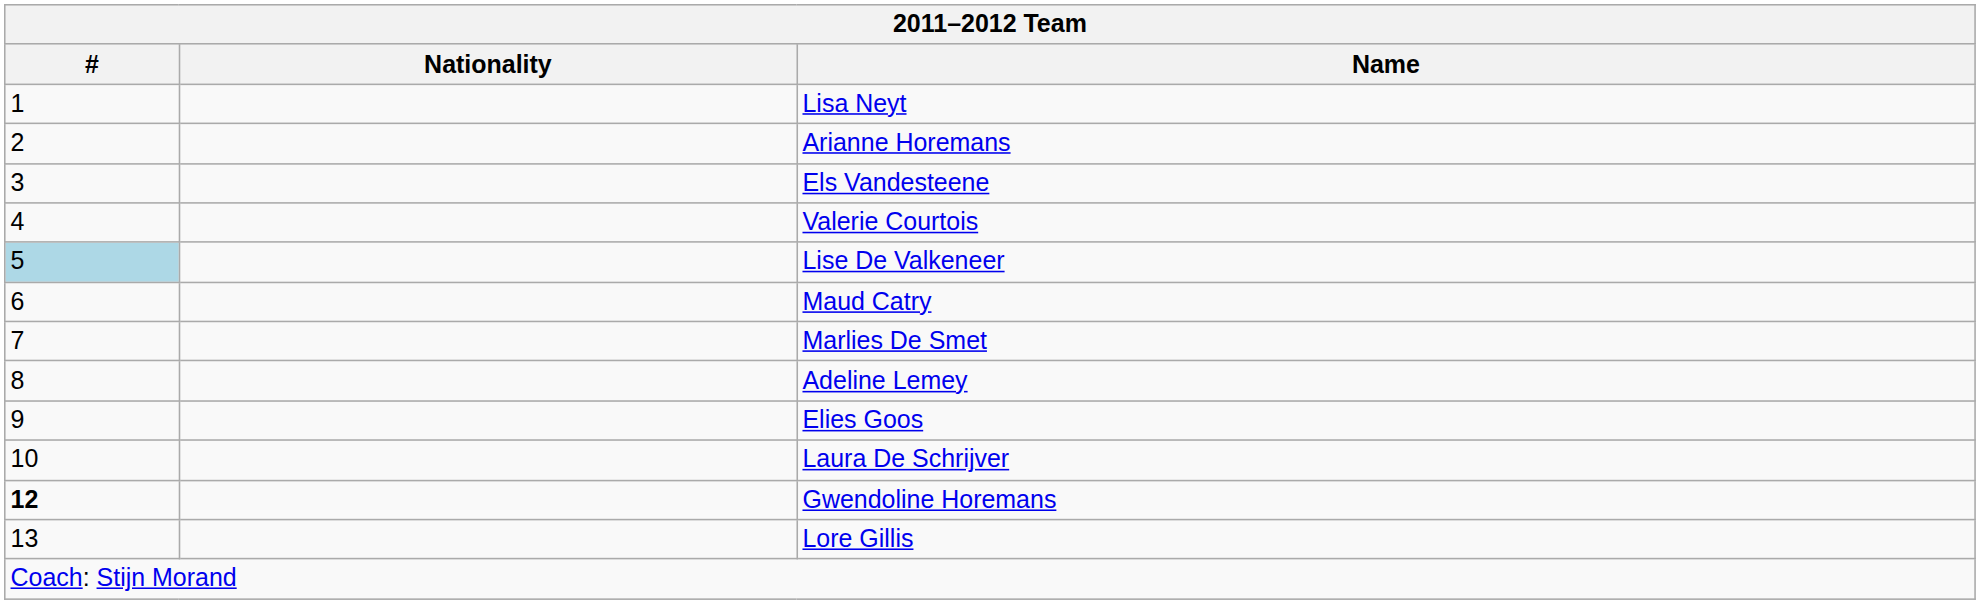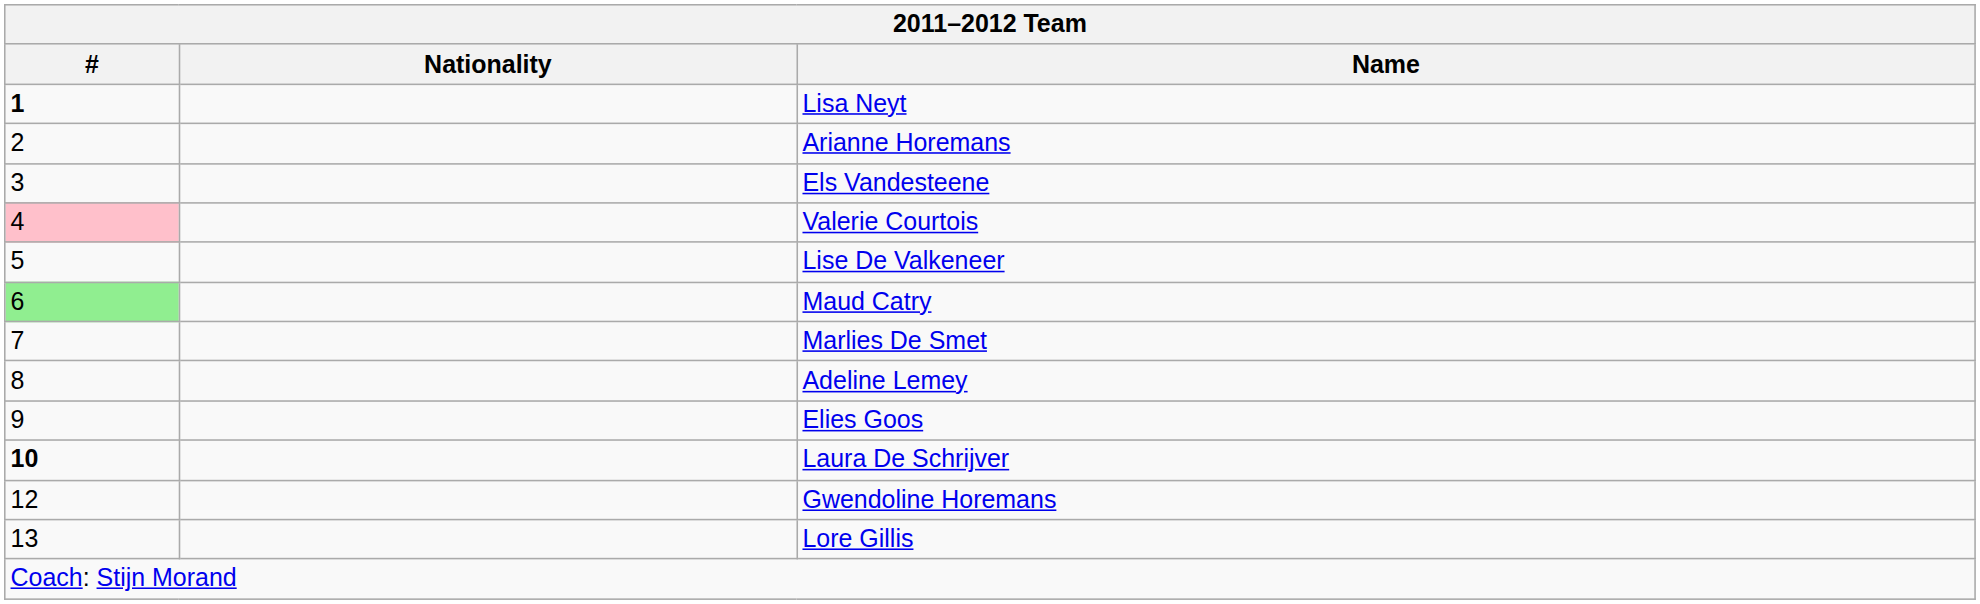 <table class="wikitable collapsible collapsed" style="width:100%;">
 <tr>
 <th colspan=3><strong>2011–2012 Team</strong></th>
 </tr>
 <tr>
 <th>#</th>
 <th>Nationality</th>
 <th>Name</th>
 </tr>
 <tr>
-<td>1</td>
+<td><strong>1</strong></td>
 <td></td>
 <td><a href='#'>Lisa Neyt</a></td>
 </tr>
 <tr>
 <td>2</td>
 <td></td>
 <td><a href='#'>Arianne Horemans</a></td>
 </tr>
 <tr>
 <td>3</td>
 <td></td>
 <td><a href='#'>Els Vandesteene</a></td>
 </tr>
 <tr>
-<td>4</td>
+<td style="background: pink;">4</td>
 <td></td>
 <td><a href='#'>Valerie Courtois</a></td>
 </tr>
 <tr>
-<td style="background: lightblue;">5</td>
+<td>5</td>
 <td></td>
 <td><a href='#'>Lise De Valkeneer</a></td>
 </tr>
 <tr>
-<td>6</td>
+<td style="background: lightgreen;">6</td>
 <td></td>
 <td><a href='#'>Maud Catry</a></td>
 </tr>
 <tr>
 <td>7</td>
 <td></td>
 <td><a href='#'>Marlies De Smet</a></td>
 </tr>
 <tr>
 <td>8</td>
 <td></td>
 <td><a href='#'>Adeline Lemey</a></td>
 </tr>
 <tr>
 <td>9</td>
 <td></td>
 <td><a href='#'>Elies Goos</a></td>
 </tr>
 <tr>
-<td>10</td>
+<td><strong>10</strong></td>
 <td></td>
 <td><a href='#'>Laura De Schrijver</a></td>
 </tr>
 <tr>
-<td><strong>12</strong></td>
+<td>12</td>
 <td></td>
 <td><a href='#'>Gwendoline Horemans</a></td>
 </tr>
 <tr>
 <td>13</td>
 <td></td>
 <td><a href='#'>Lore Gillis</a></td>
 </tr>
 <tr>
 <td colspan=3><a href='#'>Coach</a>:  <a href='#'>Stijn Morand</a></td>
 </tr>
 </table>
